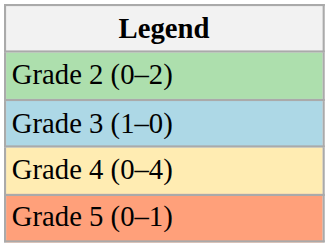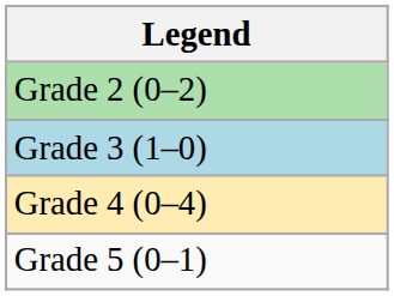 <table class="wikitable" style="font-size:85%;" width=12%>
 <tr>
 <th>Legend</th>
 </tr>
 <tr bgcolor="#ADDFAD">
 <td>Grade 2 (0–2)</td>
 </tr>
 <tr bgcolor="lightblue">
 <td>Grade 3 (1–0)</td>
 </tr>
 <tr bgcolor="#ffecb2">
 <td>Grade 4 (0–4)</td>
 </tr>
 <tr>
-<td style="background: lightsalmon;">Grade 5 (0–1)</td>
+<td>Grade 5 (0–1)</td>
 </tr>
 </table>
